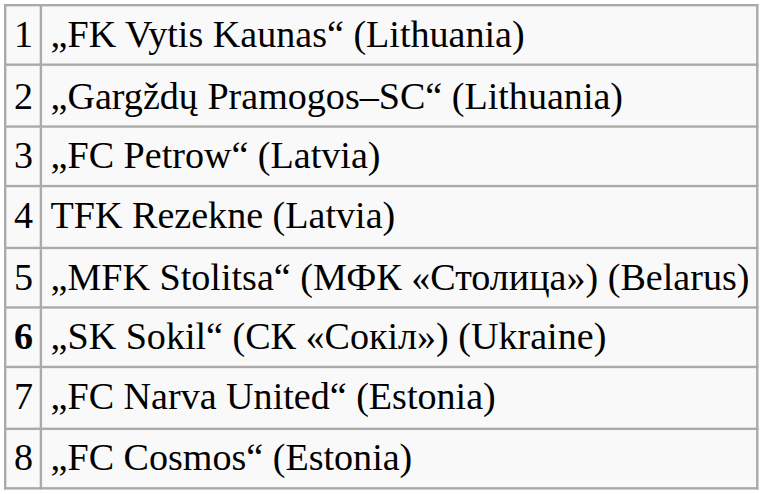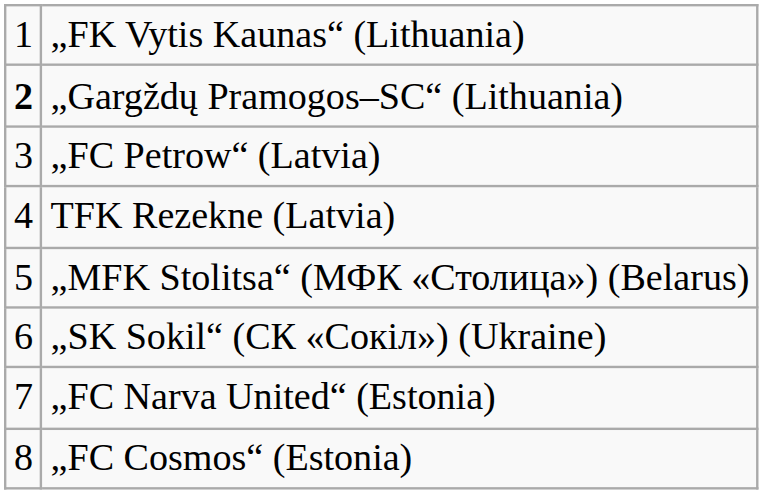 <table class="wikitable">
 <tr>
 <td>1</td>
 <td>„FK Vytis Kaunas“ (Lithuania)</td>
 </tr>
 <tr>
-<td>2</td>
+<td><strong>2</strong></td>
 <td>„Gargždų Pramogos–SC“ (Lithuania)</td>
 </tr>
 <tr>
 <td>3</td>
 <td>„FC Petrow“ (Latvia)</td>
 </tr>
 <tr>
 <td>4</td>
 <td>TFK Rezekne (Latvia)</td>
 </tr>
 <tr>
 <td>5</td>
 <td>„MFK Stolitsa“ (МФК «Столица») (Belarus)</td>
 </tr>
 <tr>
-<td><strong>6</strong></td>
+<td>6</td>
 <td>„SK Sokil“ (СК «Сокіл») (Ukraine)</td>
 </tr>
 <tr>
 <td>7</td>
 <td>„FC Narva United“ (Estonia)</td>
 </tr>
 <tr>
 <td>8</td>
 <td>„FC Cosmos“ (Estonia)</td>
 </tr>
 </table>
